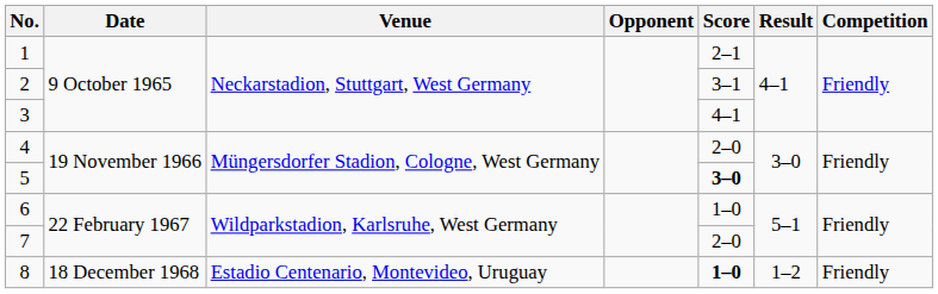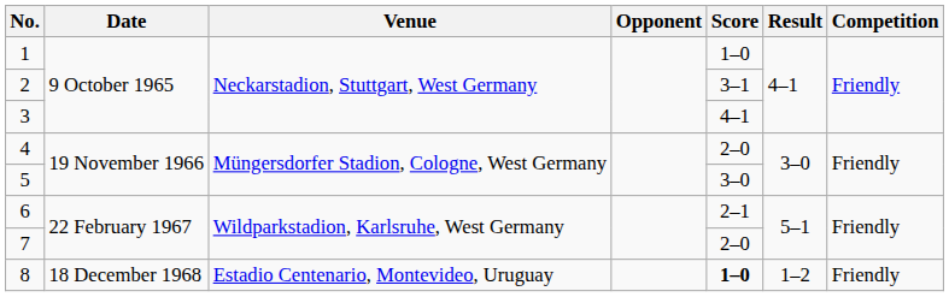 <table class="wikitable sortable">
 <tr>
 <th scope="col">No.</th>
 <th scope="col">Date</th>
 <th scope="col">Venue</th>
 <th scope="col">Opponent</th>
 <th scope="col">Score</th>
 <th scope="col">Result</th>
 <th scope="col">Competition</th>
 </tr>
 <tr>
 <td align="center">1</td>
 <td rowspan="3">9 October 1965</td>
 <td rowspan="3"><a href='#'>Neckarstadion</a>, <a href='#'>Stuttgart</a>, <a href='#'>West Germany</a></td>
 <td rowspan="3"></td>
-<td align="center">2–1</td>
+<td align="center">1–0</td>
 <td rowspan="3" style="text-alig:center">4–1</td>
 <td rowspan="3"><a href='#'>Friendly</a></td>
 </tr>
 <tr>
 <td align="center">2</td>
 <td align="center">3–1</td>
 </tr>
 <tr>
 <td align="center">3</td>
 <td align="center">4–1</td>
 </tr>
 <tr>
 <td align="center">4</td>
 <td rowspan="2">19 November 1966</td>
 <td rowspan="2"><a href='#'>Müngersdorfer Stadion</a>, <a href='#'>Cologne</a>, West Germany</td>
 <td rowspan="2"></td>
 <td align="center">2–0</td>
 <td rowspan="2" style="text-align:center">3–0</td>
 <td rowspan="2">Friendly</td>
 </tr>
 <tr>
 <td align="center">5</td>
-<td align="center"><strong>3–0</strong></td>
+<td align="center">3–0</td>
 </tr>
 <tr>
 <td align="center">6</td>
 <td rowspan="2">22 February 1967</td>
 <td rowspan="2"><a href='#'>Wildparkstadion</a>, <a href='#'>Karlsruhe</a>, West Germany</td>
 <td rowspan="2"></td>
-<td align="center">1–0</td>
+<td align="center">2–1</td>
 <td rowspan="2" style="text-align:center">5–1</td>
 <td rowspan="2">Friendly</td>
 </tr>
 <tr>
 <td align="center">7</td>
 <td align="center">2–0</td>
 </tr>
 <tr>
 <td align="center">8</td>
 <td>18 December 1968</td>
 <td><a href='#'>Estadio Centenario</a>, <a href='#'>Montevideo</a>, Uruguay</td>
 <td></td>
 <td align="center"><strong>1–0</strong></td>
 <td align="center">1–2</td>
 <td>Friendly</td>
 </tr>
 </table>
